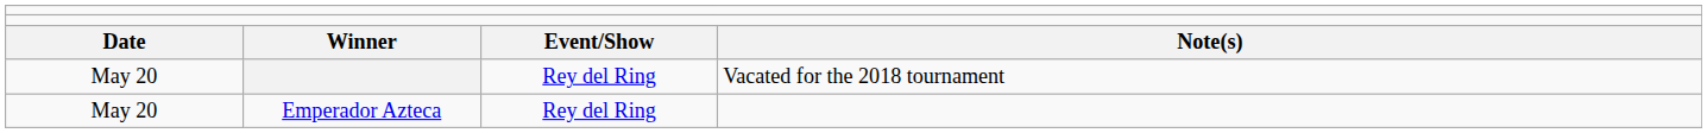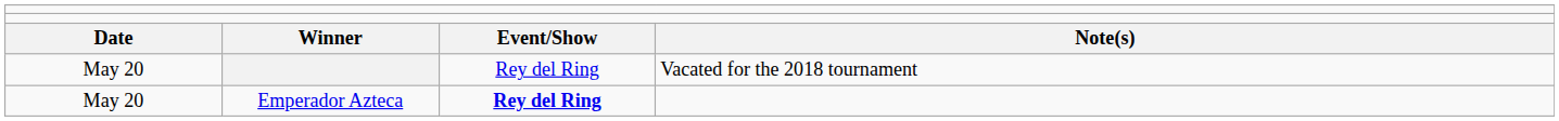 <table class="wikitable" style="text-align:center; width:100%;">
 <tr>
 <td colspan="5"></td>
 </tr>
 <tr>
 <td colspan="5"></td>
 </tr>
 <tr>
 <th style="width:14%;">Date</th>
 <th style="width:14%;">Winner</th>
 <th style="width:14%;">Event/Show</th>
 <th style="width:58%;">Note(s)</th>
 </tr>
 <tr>
 <td>May 20</td>
 <th></th>
 <td><a href='#'>Rey del Ring</a></td>
 <td align=left>Vacated for the 2018 tournament</td>
 </tr>
 <tr>
 <td>May 20</td>
 <td><a href='#'>Emperador Azteca</a></td>
-<td><a href='#'>Rey del Ring</a></td>
+<td><strong><a href='#'>Rey del Ring</a></strong></td>
 <td></td>
 </tr>
 </table>
